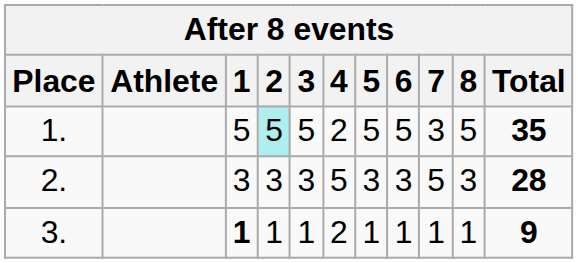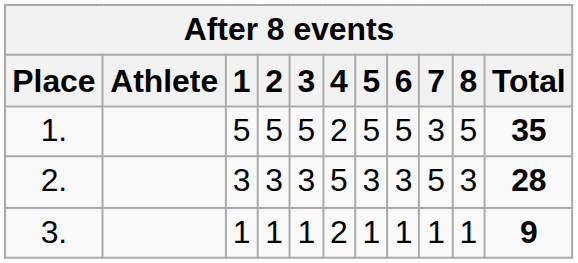 <table class=wikitable style="text-align:center">
 <tr>
 <th colspan=11><strong>After 8 events</strong></th>
 </tr>
 <tr>
 <th>Place</th>
 <th>Athlete</th>
 <th>1</th>
 <th>2</th>
 <th>3</th>
 <th>4</th>
 <th>5</th>
 <th>6</th>
 <th>7</th>
 <th>8</th>
 <th>Total</th>
 </tr>
 <tr>
 <td width=30>1.</td>
 <td align=left></td>
 <td>5</td>
-<td style="background: paleturquoise;">5</td>
+<td>5</td>
 <td>5</td>
 <td>2</td>
 <td>5</td>
 <td>5</td>
 <td>3</td>
 <td>5</td>
 <td><strong>35</strong></td>
 </tr>
 <tr>
 <td>2.</td>
 <td align=left></td>
 <td>3</td>
 <td>3</td>
 <td>3</td>
 <td>5</td>
 <td>3</td>
 <td>3</td>
 <td>5</td>
 <td>3</td>
 <td><strong>28</strong></td>
 </tr>
 <tr>
 <td>3.</td>
 <td align=left></td>
-<td><strong>1</strong></td>
+<td>1</td>
 <td>1</td>
 <td>1</td>
 <td>2</td>
 <td>1</td>
 <td>1</td>
 <td>1</td>
 <td>1</td>
 <td><strong>9</strong></td>
 </tr>
 </table>
